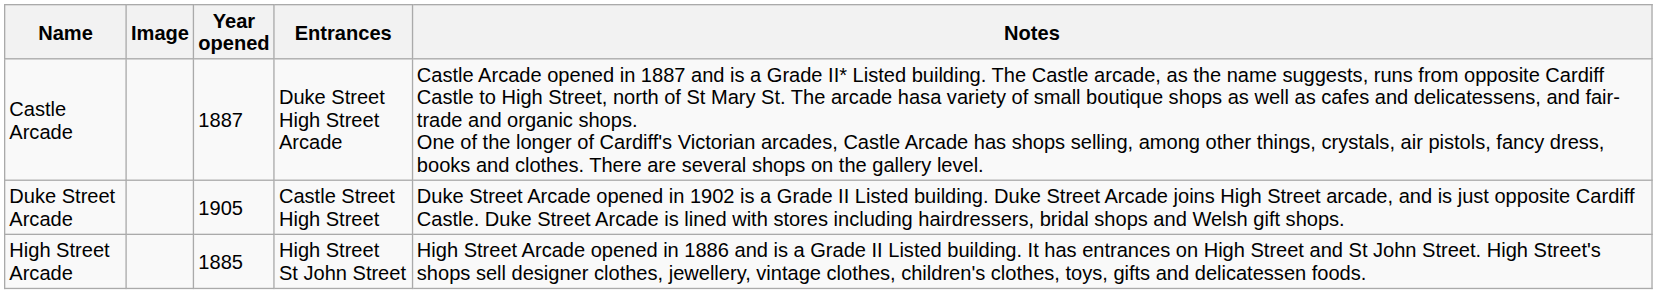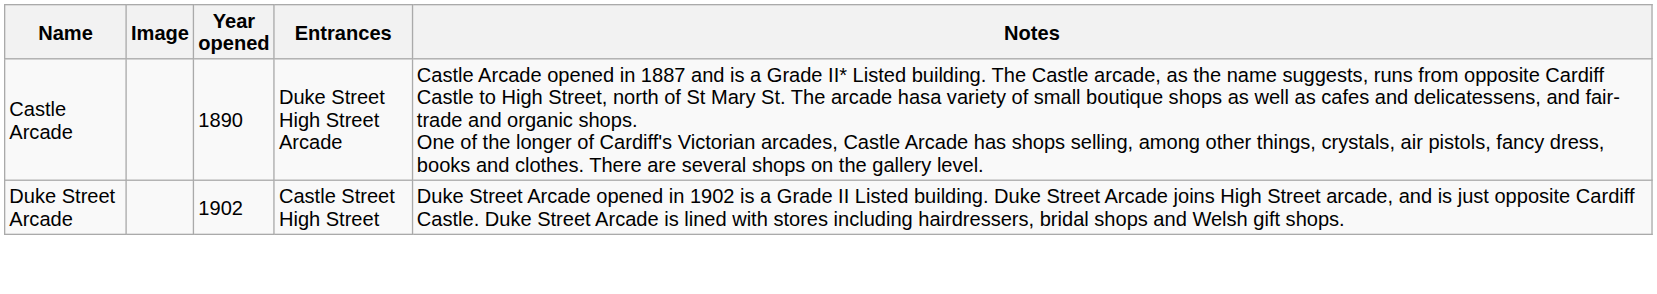 <table class="wikitable sortable" style="font-size: 95%">
 <tr style="background:#efefef">
 <th>Name</th>
 <th class="unsortable">Image</th>
 <th>Year<br>opened</th>
 <th class="unsortable">Entrances</th>
 <th class="unsortable">Notes</th>
 </tr>
 <tr>
 <td>Castle Arcade</td>
 <td></td>
-<td>1887</td>
+<td>1890</td>
 <td>Duke Street<br>High Street Arcade</td>
 <td>Castle Arcade opened in 1887 and is a Grade II* Listed building. The Castle arcade, as the name suggests, runs from opposite Cardiff Castle to High Street, north of St Mary St. The arcade hasa variety of small boutique shops as well as cafes and delicatessens, and fair-trade and organic shops.<br>One of the longer of Cardiff's Victorian arcades, Castle Arcade has shops selling, among other things, crystals, air pistols, fancy dress, books and clothes. There are several shops on the gallery level. <br></td>
 </tr>
 <tr>
 <td>Duke Street Arcade</td>
 <td></td>
-<td>1905</td>
+<td>1902</td>
 <td>Castle Street<br>High Street</td>
 <td>Duke Street Arcade opened in 1902 is a Grade II Listed building. Duke Street Arcade joins High Street arcade, and is just opposite Cardiff Castle. Duke Street Arcade is lined with stores including hairdressers, bridal shops and Welsh gift shops.</td>
 </tr>
-<tr>
-<td>High Street Arcade</td>
-<td></td>
-<td>1885</td>
-<td>High Street<br>St John Street</td>
-<td>High Street Arcade opened in 1886 and is a Grade II Listed building. It has entrances on High Street and St John Street. High Street's shops sell designer clothes, jewellery, vintage clothes, children's clothes, toys, gifts and delicatessen foods.</td>
-</tr>
 </table>
